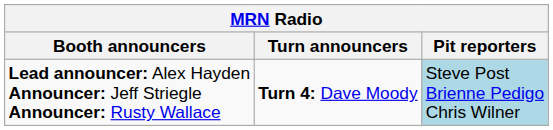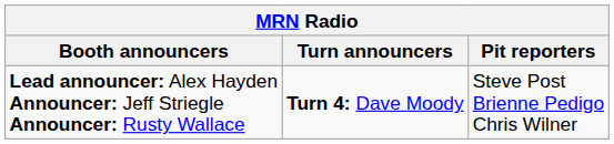 <table class="wikitable" style="font-size: 95%;">
 <tr>
 <th colspan="3"><a href='#'>MRN</a> Radio</th>
 </tr>
 <tr>
 <th>Booth announcers</th>
 <th>Turn announcers</th>
 <th>Pit reporters</th>
 </tr>
 <tr>
 <td><strong>Lead announcer:</strong> Alex Hayden<br><strong>Announcer:</strong> Jeff Striegle<br><strong>Announcer:</strong> <a href='#'>Rusty Wallace</a></td>
 <td><strong>Turn 4:</strong> <a href='#'>Dave Moody</a></td>
-<td style="background: lightblue;">Steve Post<br><a href='#'>Brienne Pedigo</a><br>Chris Wilner</td>
+<td>Steve Post<br><a href='#'>Brienne Pedigo</a><br>Chris Wilner</td>
 </tr>
 </table>
